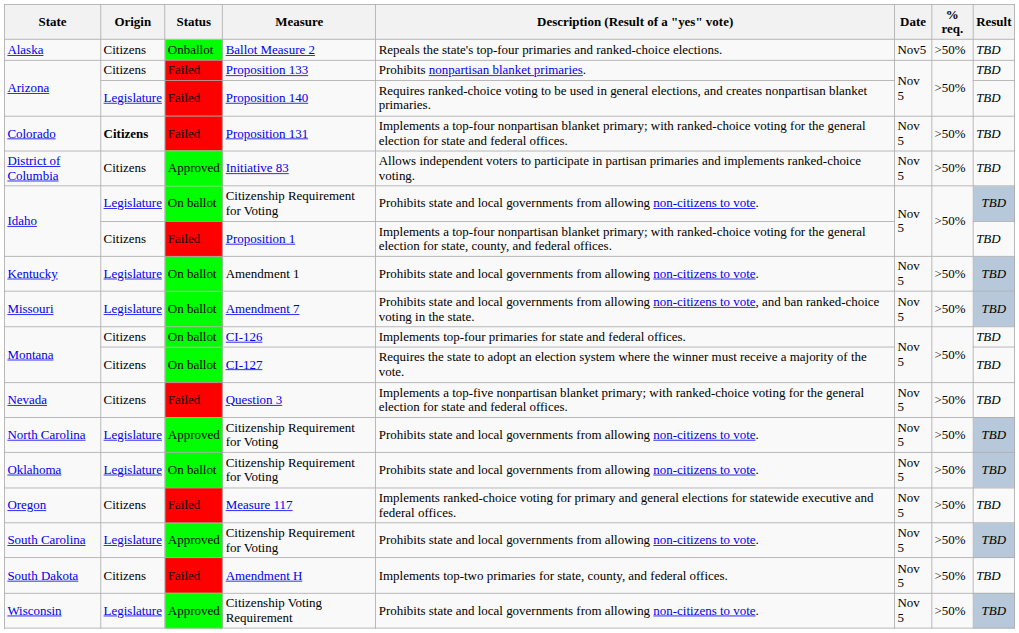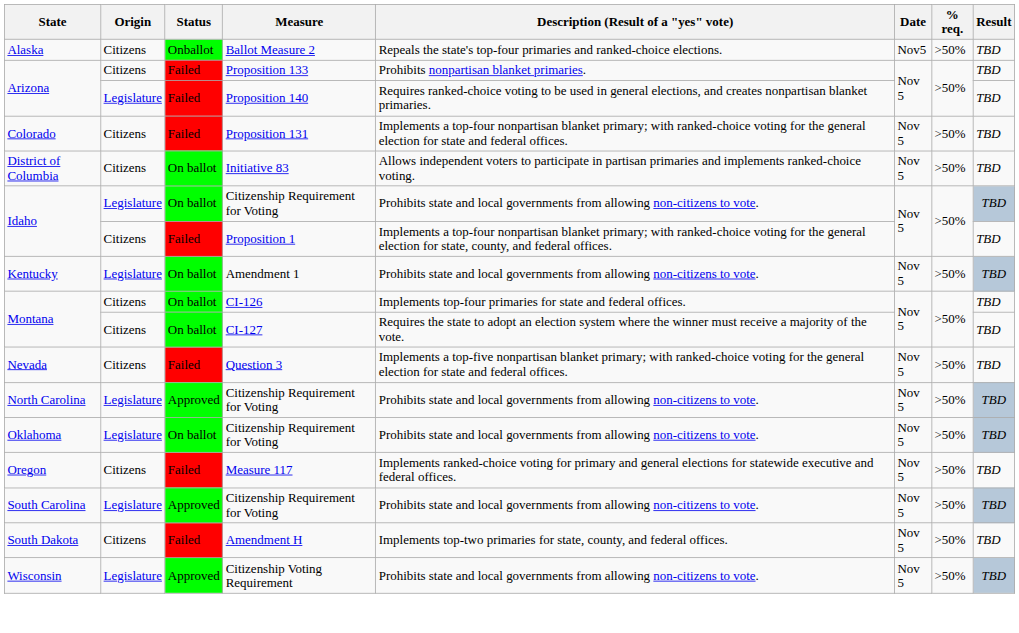 <table class="wikitable">
 <tr>
 <th>State</th>
 <th>Origin</th>
 <th>Status</th>
 <th>Measure</th>
 <th>Description (Result of a "yes" vote)</th>
 <th>Date</th>
 <th>% req.</th>
 <th>Result</th>
 </tr>
 <tr>
 <td><a href='#'>Alaska</a></td>
 <td>Citizens</td>
 <td style="background-color:#00FF00;">Onballot</td>
 <td><a href='#'>Ballot Measure 2</a></td>
 <td>Repeals the state's top-four primaries and ranked-choice elections.</td>
 <td>Nov5</td>
 <td>>50%</td>
 <td><em>TBD</em></td>
 </tr>
 <tr>
 <td rowspan=2><a href='#'>Arizona</a></td>
 <td>Citizens</td>
 <td style="background-color:#FF0000;">Failed</td>
 <td><a href='#'>Proposition 133</a></td>
 <td>Prohibits <a href='#'>nonpartisan blanket primaries</a>.</td>
 <td rowspan=2>Nov 5</td>
 <td rowspan=2>>50%</td>
 <td><em>TBD</em></td>
 </tr>
 <tr>
 <td><a href='#'>Legislature</a></td>
 <td style="background-color:#FF0000;">Failed</td>
 <td><a href='#'>Proposition 140</a></td>
 <td>Requires ranked-choice voting to be used in general elections, and creates nonpartisan blanket primaries.</td>
 <td><em>TBD</em></td>
 </tr>
 <tr>
 <td><a href='#'>Colorado</a></td>
-<td><strong>Citizens</strong></td>
+<td>Citizens</td>
 <td style="background-color:#FF0000;">Failed</td>
 <td><a href='#'>Proposition 131</a></td>
 <td>Implements a top-four nonpartisan blanket primary; with ranked-choice voting for the general election for state and federal offices.</td>
 <td>Nov 5</td>
 <td>>50%</td>
 <td><em>TBD</em></td>
 </tr>
 <tr>
 <td><a href='#'>District of Columbia</a></td>
 <td>Citizens</td>
-<td style="background-color:#00FF00;">Approved</td>
+<td style="background-color:#00FF00;">On ballot</td>
 <td><a href='#'>Initiative 83</a></td>
 <td>Allows independent voters to participate in partisan primaries and implements ranked-choice voting.</td>
 <td>Nov 5</td>
 <td>>50%</td>
 <td><em>TBD</em></td>
 </tr>
 <tr>
 <td rowspan=2><a href='#'>Idaho</a></td>
 <td><a href='#'>Legislature</a></td>
 <td style="background-color:#00FF00;">On ballot</td>
 <td>Citizenship Requirement for Voting</td>
 <td>Prohibits state and local governments from allowing <a href='#'>non-citizens to vote</a>.</td>
 <td rowspan=2>Nov 5</td>
 <td rowspan=2>>50%</td>
 <td style="text-align:center; background-color:#B6C8D9"><em>TBD</em></td>
 </tr>
 <tr>
 <td>Citizens</td>
 <td style="background-color:#FF0000;">Failed</td>
 <td><a href='#'>Proposition 1</a></td>
 <td>Implements a top-four nonpartisan blanket primary; with ranked-choice voting for the general election for state, county, and federal offices.</td>
 <td><em>TBD</em></td>
 </tr>
 <tr>
 <td><a href='#'>Kentucky</a></td>
 <td><a href='#'>Legislature</a></td>
 <td style="background-color:#00FF00;">On ballot</td>
 <td>Amendment 1</td>
 <td>Prohibits state and local governments from allowing <a href='#'>non-citizens to vote</a>.</td>
-<td>Nov 5</td>
-<td>>50%</td>
-<td style="text-align:center; background-color:#B6C8D9"><em>TBD</em></td>
-</tr>
-<tr>
-<td><a href='#'>Missouri</a></td>
-<td><a href='#'>Legislature</a></td>
-<td style="background-color:#00FF00;">On ballot</td>
-<td><a href='#'>Amendment 7</a></td>
-<td>Prohibits state and local governments from allowing <a href='#'>non-citizens to vote</a>, and ban ranked-choice voting in the state.</td>
 <td>Nov 5</td>
 <td>>50%</td>
 <td style="text-align:center; background-color:#B6C8D9"><em>TBD</em></td>
 </tr>
 <tr>
 <td rowspan=2><a href='#'>Montana</a></td>
 <td>Citizens</td>
 <td style="background-color:#00FF00;">On ballot</td>
 <td><a href='#'>CI-126</a></td>
 <td>Implements top-four primaries for state and federal offices.</td>
 <td rowspan=2>Nov 5</td>
 <td rowspan=2>>50%</td>
 <td><em>TBD</em></td>
 </tr>
 <tr>
 <td>Citizens</td>
 <td style="background-color:#00FF00;">On ballot</td>
 <td><a href='#'>CI-127</a></td>
 <td>Requires the state to adopt an election system where the winner must receive a majority of the vote.</td>
 <td><em>TBD</em></td>
 </tr>
 <tr>
 <td><a href='#'>Nevada</a></td>
 <td>Citizens</td>
 <td style="background-color:#FF0000;">Failed</td>
 <td><a href='#'>Question 3</a></td>
 <td>Implements a top-five nonpartisan blanket primary; with ranked-choice voting for the general election for state and federal offices.</td>
 <td>Nov 5</td>
 <td>>50%</td>
 <td><em>TBD</em></td>
 </tr>
 <tr>
 <td><a href='#'>North Carolina</a></td>
 <td><a href='#'>Legislature</a></td>
 <td style="background-color:#00FF00;">Approved</td>
 <td>Citizenship Requirement for Voting</td>
 <td>Prohibits state and local governments from allowing <a href='#'>non-citizens to vote</a>.</td>
 <td>Nov 5</td>
 <td>>50%</td>
 <td style="text-align:center; background-color:#B6C8D9"><em>TBD</em></td>
 </tr>
 <tr>
 <td><a href='#'>Oklahoma</a></td>
 <td><a href='#'>Legislature</a></td>
 <td style="background-color:#00FF00;">On ballot</td>
 <td>Citizenship Requirement for Voting</td>
 <td>Prohibits state and local governments from allowing <a href='#'>non-citizens to vote</a>.</td>
 <td>Nov 5</td>
 <td>>50%</td>
 <td style="text-align:center; background-color:#B6C8D9"><em>TBD</em></td>
 </tr>
 <tr>
 <td><a href='#'>Oregon</a></td>
 <td>Citizens</td>
 <td style="background-color:#FF0000;">Failed</td>
 <td><a href='#'>Measure 117</a></td>
 <td>Implements ranked-choice voting for primary and general elections for statewide executive and federal offices.</td>
 <td>Nov 5</td>
 <td>>50%</td>
 <td><em>TBD</em></td>
 </tr>
 <tr>
 <td><a href='#'>South Carolina</a></td>
 <td><a href='#'>Legislature</a></td>
 <td style="background-color:#00FF00;">Approved</td>
 <td>Citizenship Requirement for Voting</td>
 <td>Prohibits state and local governments from allowing <a href='#'>non-citizens to vote</a>.</td>
 <td>Nov 5</td>
 <td>>50%</td>
 <td style="text-align:center; background-color:#B6C8D9"><em>TBD</em></td>
 </tr>
 <tr>
 <td><a href='#'>South Dakota</a></td>
 <td>Citizens</td>
 <td style="background-color:#FF0000;">Failed</td>
 <td><a href='#'>Amendment H</a></td>
 <td>Implements top-two primaries for state, county, and federal offices.</td>
 <td>Nov 5</td>
 <td>>50%</td>
 <td><em>TBD</em></td>
 </tr>
 <tr>
 <td><a href='#'>Wisconsin</a></td>
 <td><a href='#'>Legislature</a></td>
 <td style="background-color:#00FF00;">Approved</td>
 <td>Citizenship Voting Requirement</td>
 <td>Prohibits state and local governments from allowing <a href='#'>non-citizens to vote</a>.</td>
 <td>Nov 5</td>
 <td>>50%</td>
 <td style="text-align:center; background-color:#B6C8D9"><em>TBD</em></td>
 </tr>
 </table>
